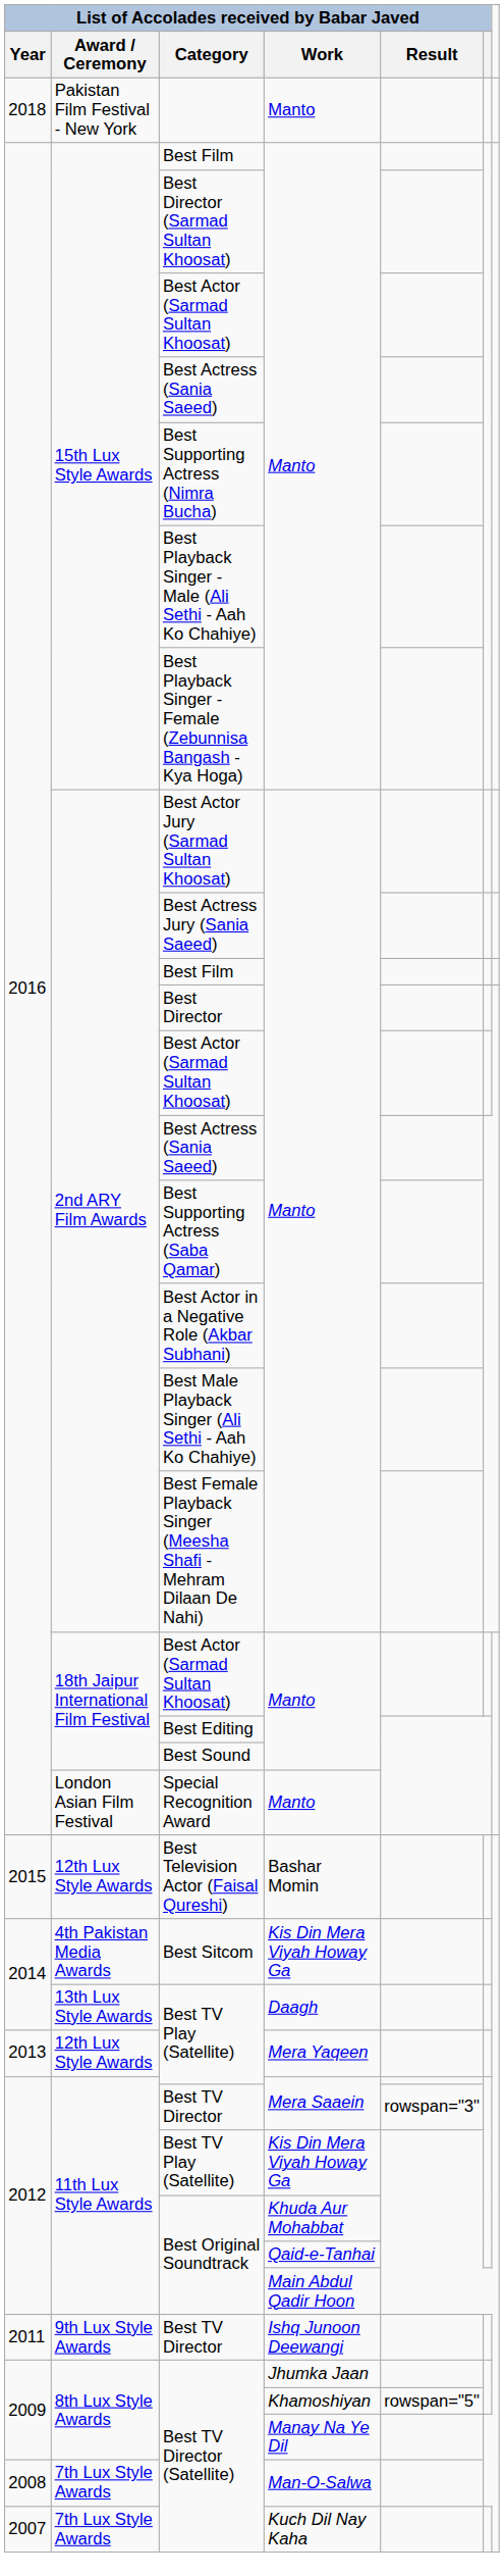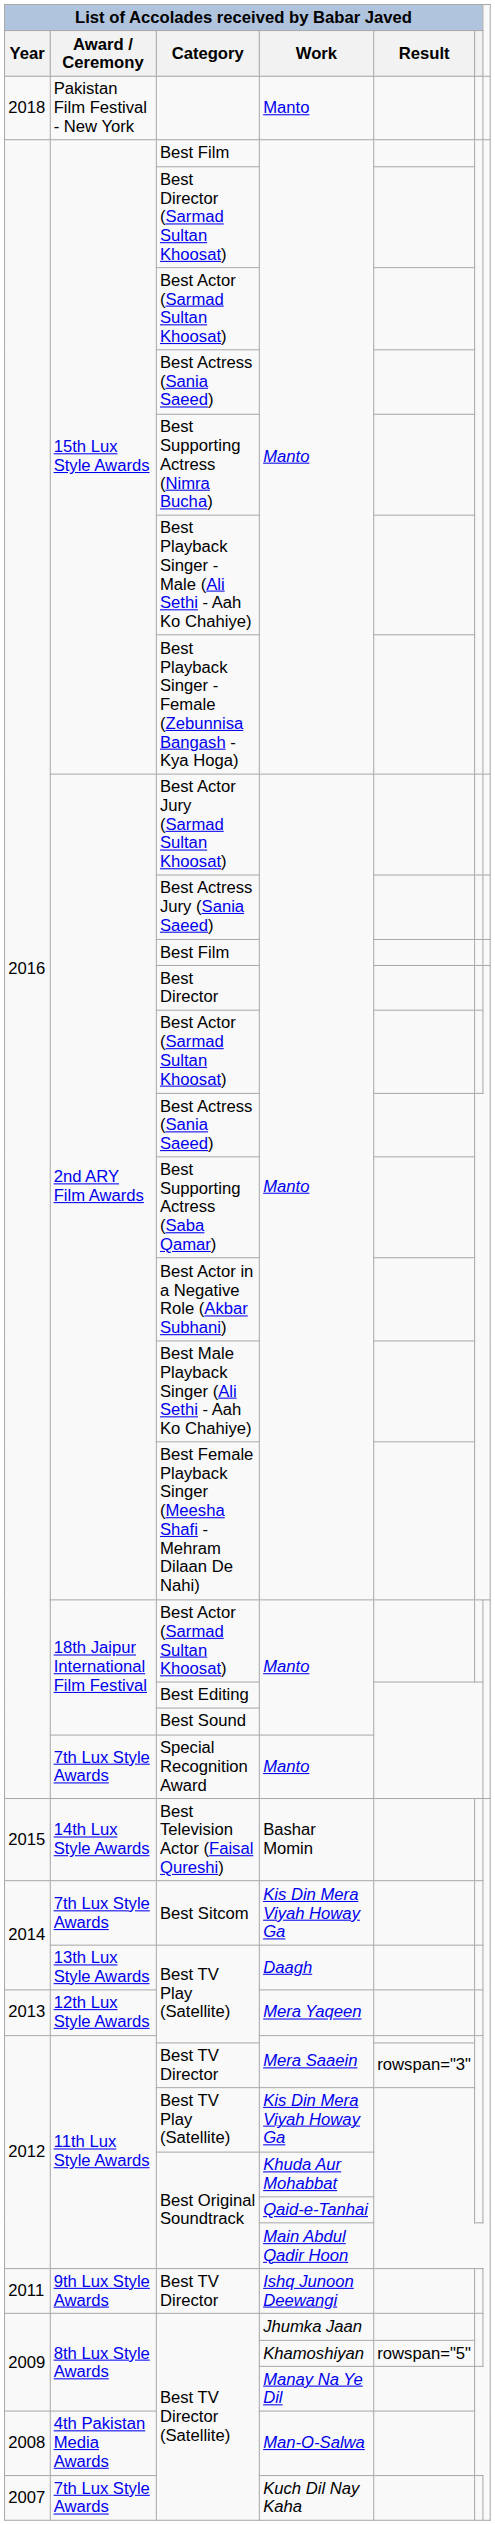 <table class="wikitable sortable mw-collapsible" width="75%">
 <tr style="background:#ccc; text-align:center;">
 <th colspan=6 style="background:#B0C4DE;">List of Accolades received by Babar Javed</th>
 </tr>
 <tr style="background:#ccc; text-align:center;">
 <th scope="col" width="10%">Year</th>
 <th scope="col" width="30%">Award / Ceremony</th>
 <th scope="col" width="30%">Category</th>
 <th scope="col" width="30%">Work</th>
 <th scope="col" width="10%">Result</th>
 <th scope="col" width="5%"></th>
 </tr>
 <tr>
 <td>2018</td>
 <td>Pakistan Film Festival - New York</td>
 <td></td>
 <td><a href='#'>Manto</a></td>
 <td></td>
 <td></td>
 <td></td>
 </tr>
 <tr>
 <td rowspan="21">2016</td>
 <td rowspan="7"><a href='#'>15th Lux Style Awards</a></td>
 <td>Best Film</td>
 <td rowspan="7"><em><a href='#'>Manto</a></em></td>
 <td></td>
 <td rowspan="7"></td>
 </tr>
 <tr>
 <td>Best Director (<a href='#'>Sarmad Sultan Khoosat</a>)</td>
 <td></td>
 </tr>
 <tr>
 <td>Best Actor (<a href='#'>Sarmad Sultan Khoosat</a>)</td>
 <td></td>
 </tr>
 <tr>
 <td>Best Actress (<a href='#'>Sania Saeed</a>)</td>
 <td></td>
 </tr>
 <tr>
 <td>Best Supporting Actress (<a href='#'>Nimra Bucha</a>)</td>
 <td></td>
 </tr>
 <tr>
 <td>Best Playback Singer - Male (<a href='#'>Ali Sethi</a> - Aah Ko Chahiye)</td>
 <td></td>
 </tr>
 <tr>
 <td>Best Playback Singer - Female (<a href='#'>Zebunnisa Bangash</a> - Kya Hoga)</td>
 <td></td>
 </tr>
 <tr>
 <td rowspan="10"><a href='#'>2nd ARY Film Awards</a></td>
 <td>Best Actor Jury (<a href='#'>Sarmad Sultan Khoosat</a>)</td>
 <td rowspan="10"><em><a href='#'>Manto</a></em></td>
 <td></td>
 <td></td>
 <td></td>
 </tr>
 <tr>
 <td>Best Actress Jury (<a href='#'>Sania Saeed</a>)</td>
 <td></td>
 <td></td>
 <td></td>
 </tr>
 <tr>
 <td>Best Film</td>
 <td></td>
 <td></td>
 <td></td>
 </tr>
 <tr>
 <td>Best Director</td>
 <td></td>
 <td></td>
 </tr>
 <tr>
 <td>Best Actor (<a href='#'>Sarmad Sultan Khoosat</a>)</td>
 <td></td>
 <td></td>
 </tr>
 <tr>
 <td>Best Actress (<a href='#'>Sania Saeed</a>)</td>
 <td></td>
 </tr>
 <tr>
 <td>Best Supporting Actress (<a href='#'>Saba Qamar</a>)</td>
 <td></td>
 </tr>
 <tr>
 <td>Best Actor in a Negative Role (<a href='#'>Akbar Subhani</a>)</td>
 <td></td>
 </tr>
 <tr>
 <td>Best Male Playback Singer (<a href='#'>Ali Sethi</a> - Aah Ko Chahiye)</td>
 <td></td>
 </tr>
 <tr>
 <td>Best Female Playback Singer<br>(<a href='#'>Meesha Shafi</a> - Mehram Dilaan De Nahi)</td>
 <td></td>
 </tr>
 <tr>
 <td rowspan="3"><a href='#'>18th Jaipur International Film Festival</a></td>
 <td>Best Actor (<a href='#'>Sarmad Sultan Khoosat</a>)</td>
 <td rowspan="3"><em><a href='#'>Manto</a></em></td>
 <td></td>
 <td></td>
 <td rowspan="4"></td>
 </tr>
 <tr>
 <td>Best Editing</td>
 </tr>
 <tr>
 <td>Best Sound</td>
 </tr>
 <tr>
-<td>London Asian Film Festival</td>
+<td><a href='#'>7th Lux Style Awards</a></td>
 <td>Special Recognition Award</td>
 <td><em><a href='#'>Manto</a></em></td>
 </tr>
 <tr>
 <td>2015</td>
-<td><a href='#'>12th Lux Style Awards</a></td>
+<td><a href='#'>14th Lux Style Awards</a></td>
 <td>Best Television Actor (<a href='#'>Faisal Qureshi</a>)</td>
 <td>Bashar Momin</td>
 <td></td>
 <td></td>
 </tr>
 <tr>
 <td rowspan="2">2014</td>
-<td><a href='#'>4th Pakistan Media Awards</a></td>
+<td><a href='#'>7th Lux Style Awards</a></td>
 <td>Best Sitcom</td>
 <td><em><a href='#'>Kis Din Mera Viyah Howay Ga</a></em></td>
 <td></td>
 <td></td>
 </tr>
 <tr>
 <td><a href='#'>13th Lux Style Awards</a></td>
 <td rowspan="3">Best TV Play (Satellite)</td>
 <td><em><a href='#'>Daagh</a></em></td>
 <td></td>
 <td></td>
 </tr>
 <tr>
 <td>2013</td>
 <td><a href='#'>12th Lux Style Awards</a></td>
 <td><em><a href='#'>Mera Yaqeen</a></em></td>
 <td></td>
 <td></td>
 </tr>
 <tr>
 <td rowspan="6">2012</td>
 <td rowspan="6"><a href='#'>11th Lux Style Awards</a></td>
 <td rowspan="2"><em><a href='#'>Mera Saaein</a></em></td>
 <td></td>
 <td rowspan ="5"></td>
 </tr>
 <tr>
 <td>Best TV Director</td>
 <td>rowspan="3" </td>
 </tr>
 <tr>
 <td>Best TV Play (Satellite)</td>
 <td><em><a href='#'>Kis Din Mera Viyah Howay Ga</a></em></td>
 </tr>
 <tr>
 <td rowspan="3">Best Original Soundtrack</td>
 <td><em><a href='#'>Khuda Aur Mohabbat</a></em></td>
 </tr>
 <tr>
 <td><em><a href='#'>Qaid-e-Tanhai</a></em></td>
 </tr>
 <tr>
 <td><em><a href='#'>Main Abdul Qadir Hoon</a></em></td>
 </tr>
 <tr>
 <td>2011</td>
 <td><a href='#'>9th Lux Style Awards</a></td>
 <td>Best TV Director</td>
 <td><em><a href='#'>Ishq Junoon Deewangi</a></em></td>
 <td></td>
 <td></td>
 </tr>
 <tr>
 <td rowspan="3">2009</td>
 <td rowspan="3"><a href='#'>8th Lux Style Awards</a></td>
 <td rowspan="5">Best TV Director (Satellite)</td>
 <td><em>Jhumka Jaan</em></td>
 <td></td>
 <td rowspan ="2"></td>
 </tr>
 <tr>
 <td><em>Khamoshiyan</em></td>
 <td>rowspan="5" </td>
 </tr>
 <tr>
 <td><em><a href='#'>Manay Na Ye Dil</a></em></td>
 <td></td>
 </tr>
 <tr>
 <td>2008</td>
-<td><a href='#'>7th Lux Style Awards</a></td>
+<td><a href='#'>4th Pakistan Media Awards</a></td>
 <td><em><a href='#'>Man-O-Salwa</a></em></td>
 <td></td>
 </tr>
 <tr>
 <td>2007</td>
 <td><a href='#'>7th Lux Style Awards</a></td>
 <td><em>Kuch Dil Nay Kaha</em></td>
 <td></td>
 <td></td>
 </tr>
 </table>
